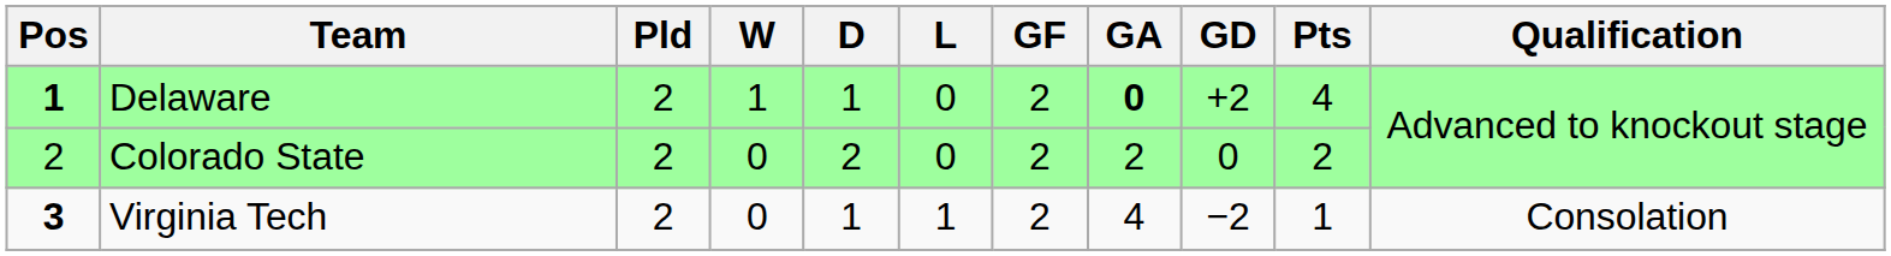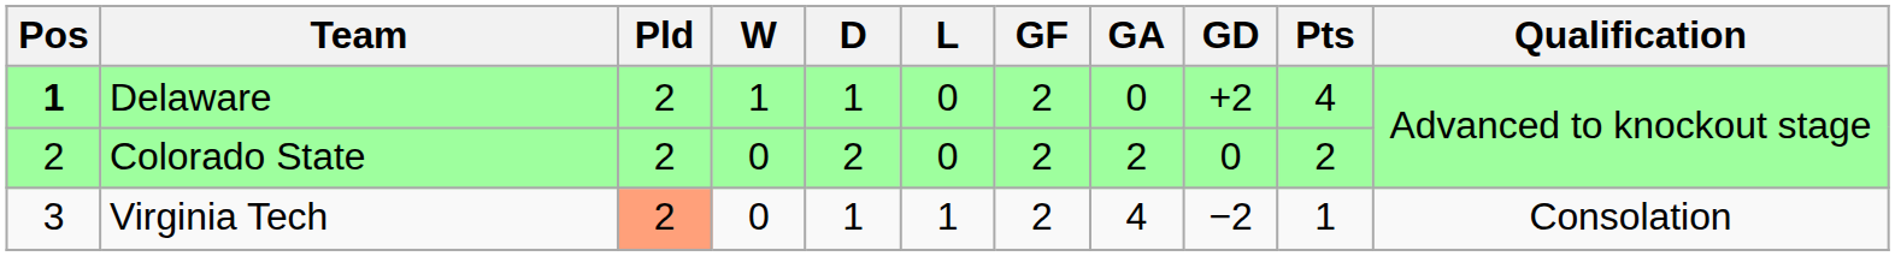 <table class="wikitable" style="text-align:center; margin: 1em auto">
 <tr>
 <th style="width:2em">Pos</th>
 <th style="width:13em">Team</th>
 <th style="width:2em">Pld</th>
 <th style="width:2em">W</th>
 <th style="width:2em">D</th>
 <th style="width:2em">L</th>
 <th style="width:2em">GF</th>
 <th style="width:2em">GA</th>
 <th style="width:2em">GD</th>
 <th style="width:2em">Pts</th>
 <th style="width:13em">Qualification</th>
 </tr>
 <tr bgcolor="#9eff9e">
 <td><strong>1</strong></td>
 <td style="text-align:left">Delaware</td>
 <td>2</td>
 <td>1</td>
 <td>1</td>
 <td>0</td>
 <td>2</td>
-<td><strong>0</strong></td>
+<td>0</td>
 <td>+2</td>
 <td>4</td>
 <td rowspan="2">Advanced to knockout stage</td>
 </tr>
 <tr bgcolor="#9eff9e">
 <td>2</td>
 <td style="text-align:left">Colorado State</td>
 <td>2</td>
 <td>0</td>
 <td>2</td>
 <td>0</td>
 <td>2</td>
 <td>2</td>
 <td>0</td>
 <td>2</td>
 </tr>
 <tr>
-<td><strong>3</strong></td>
+<td>3</td>
 <td style="text-align:left">Virginia Tech</td>
-<td>2</td>
+<td style="background: lightsalmon;">2</td>
 <td>0</td>
 <td>1</td>
 <td>1</td>
 <td>2</td>
 <td>4</td>
 <td>−2</td>
 <td>1</td>
 <td>Consolation</td>
 </tr>
 </table>
